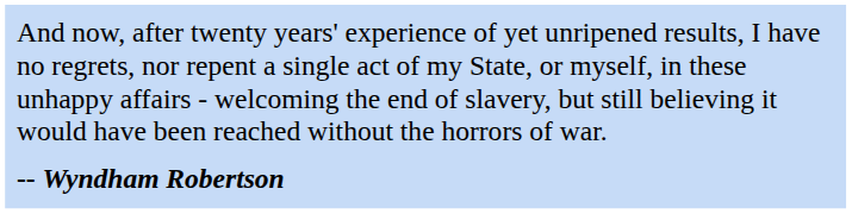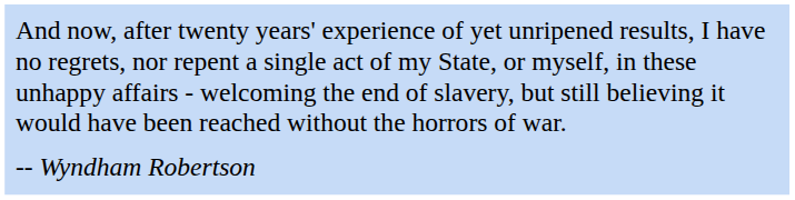 <table class="toccolours" style="float: left; margin-left: 1em; margin-right: 2em; font-size: 85%; background:#c6dbf7; color:black; width:30em; max-width: 40%;" cellspacing="5">
 <tr>
 <td style="text-align: left;">And now, after twenty years' experience of yet unripened results, I have no regrets, nor repent a single act of my State, or myself, in these unhappy affairs - welcoming the end of slavery, but still believing it would have been reached without the horrors of war.</td>
 </tr>
 <tr>
-<td style="text-align: left;"><strong>-- <em>Wyndham Robertson</em></strong></td>
+<td style="text-align: left;">-- <em>Wyndham Robertson</em></td>
 </tr>
 </table>
